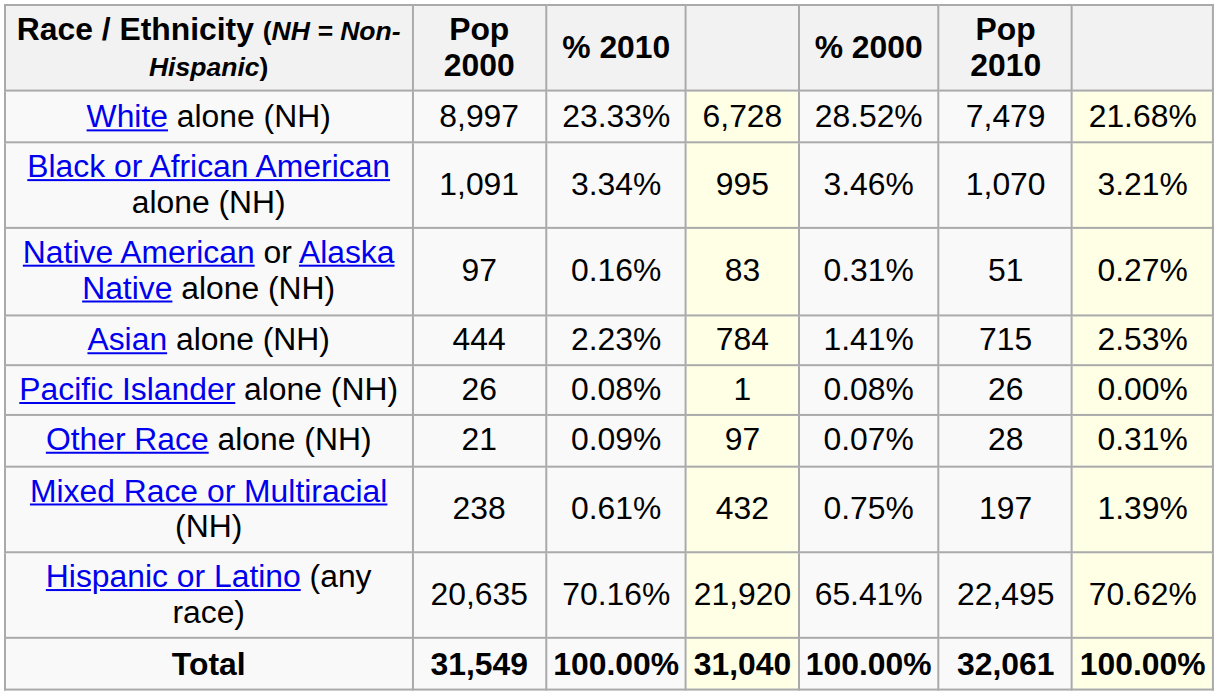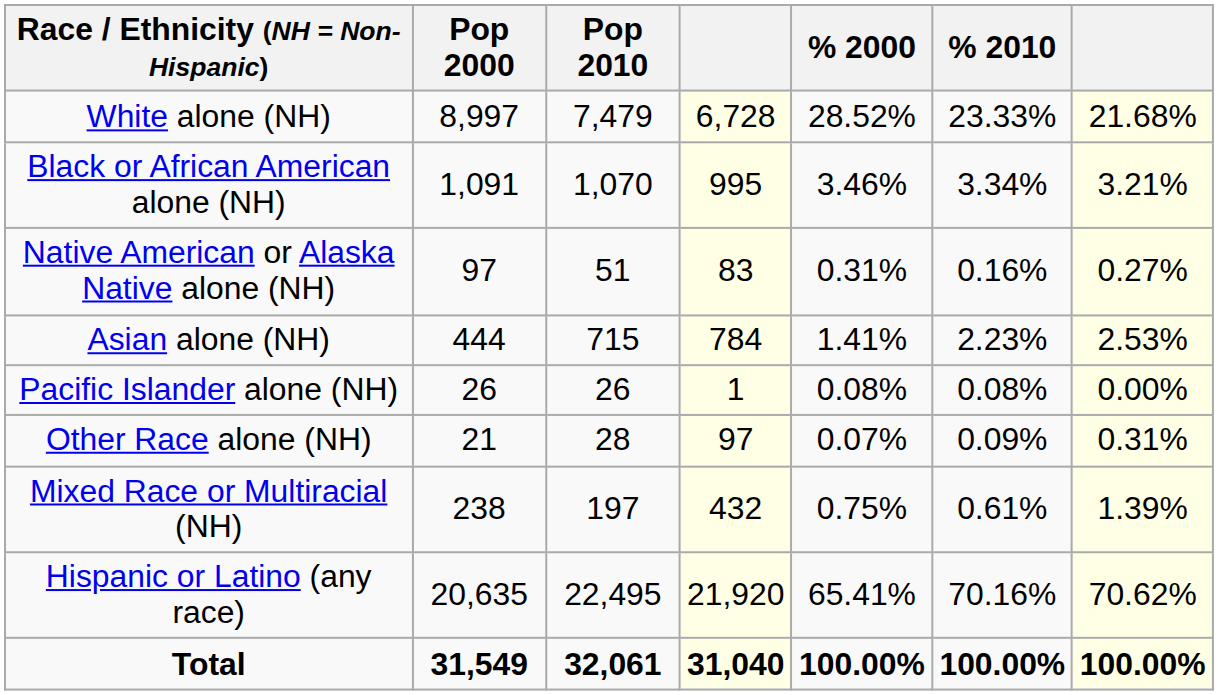 <table class="wikitable" style="text-align:center;">
 <tr>
 <th>Race / Ethnicity <small>(<em>NH = Non-Hispanic</em>)</small></th>
 <th>Pop 2000</th>
-<th>% 2010</th>
+<th>Pop 2010</th>
 <th></th>
 <th>% 2000</th>
-<th>Pop 2010</th>
+<th>% 2010</th>
 <th></th>
 </tr>
 <tr>
 <td><a href='#'>White</a> alone (NH)</td>
 <td>8,997</td>
-<td>23.33%</td>
+<td>7,479</td>
 <td style='background: #ffffe6;'>6,728</td>
 <td>28.52%</td>
-<td>7,479</td>
+<td>23.33%</td>
 <td style='background: #ffffe6;'>21.68%</td>
 </tr>
 <tr>
 <td><a href='#'>Black or African American</a> alone (NH)</td>
 <td>1,091</td>
-<td>3.34%</td>
+<td>1,070</td>
 <td style='background: #ffffe6;'>995</td>
 <td>3.46%</td>
-<td>1,070</td>
+<td>3.34%</td>
 <td style='background: #ffffe6;'>3.21%</td>
 </tr>
 <tr>
 <td><a href='#'>Native American</a> or <a href='#'>Alaska Native</a> alone (NH)</td>
 <td>97</td>
-<td>0.16%</td>
+<td>51</td>
 <td style='background: #ffffe6;'>83</td>
 <td>0.31%</td>
-<td>51</td>
+<td>0.16%</td>
 <td style='background: #ffffe6;'>0.27%</td>
 </tr>
 <tr>
 <td><a href='#'>Asian</a> alone (NH)</td>
 <td>444</td>
-<td>2.23%</td>
+<td>715</td>
 <td style='background: #ffffe6;'>784</td>
 <td>1.41%</td>
-<td>715</td>
+<td>2.23%</td>
 <td style='background: #ffffe6;'>2.53%</td>
 </tr>
 <tr>
 <td><a href='#'>Pacific Islander</a> alone (NH)</td>
 <td>26</td>
-<td>0.08%</td>
+<td>26</td>
 <td style='background: #ffffe6;'>1</td>
 <td>0.08%</td>
-<td>26</td>
+<td>0.08%</td>
 <td style='background: #ffffe6;'>0.00%</td>
 </tr>
 <tr>
 <td><a href='#'>Other Race</a> alone (NH)</td>
 <td>21</td>
-<td>0.09%</td>
+<td>28</td>
 <td style='background: #ffffe6;'>97</td>
 <td>0.07%</td>
-<td>28</td>
+<td>0.09%</td>
 <td style='background: #ffffe6;'>0.31%</td>
 </tr>
 <tr>
 <td><a href='#'>Mixed Race or Multiracial</a> (NH)</td>
 <td>238</td>
-<td>0.61%</td>
+<td>197</td>
 <td style='background: #ffffe6;'>432</td>
 <td>0.75%</td>
-<td>197</td>
+<td>0.61%</td>
 <td style='background: #ffffe6;'>1.39%</td>
 </tr>
 <tr>
 <td><a href='#'>Hispanic or Latino</a> (any race)</td>
 <td>20,635</td>
-<td>70.16%</td>
+<td>22,495</td>
 <td style='background: #ffffe6;'>21,920</td>
 <td>65.41%</td>
-<td>22,495</td>
+<td>70.16%</td>
 <td style='background: #ffffe6;'>70.62%</td>
 </tr>
 <tr>
 <td><strong>Total</strong></td>
 <td><strong>31,549</strong></td>
-<td><strong>100.00%</strong></td>
+<td><strong>32,061</strong></td>
 <td style='background: #ffffe6;'><strong>31,040</strong></td>
 <td><strong>100.00%</strong></td>
-<td><strong>32,061</strong></td>
+<td><strong>100.00%</strong></td>
 <td style='background: #ffffe6;'><strong>100.00%</strong></td>
 </tr>
 </table>
